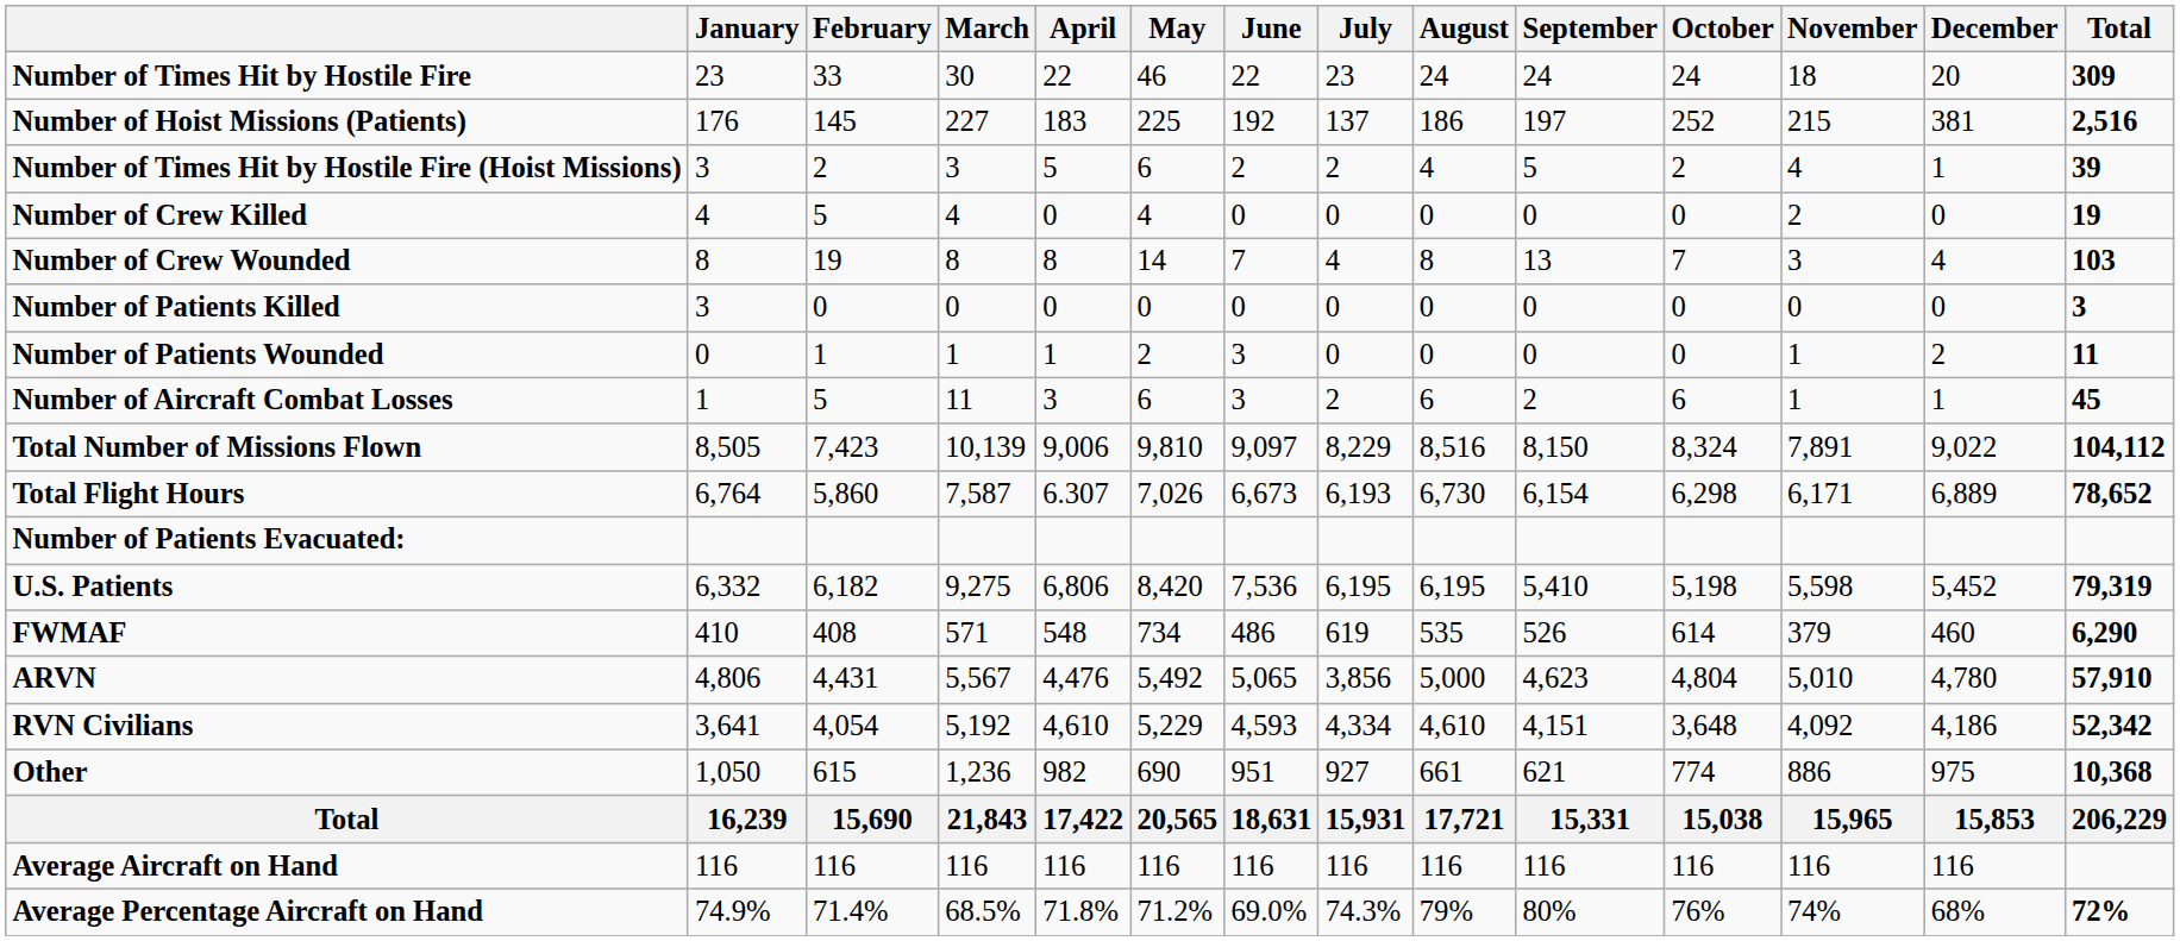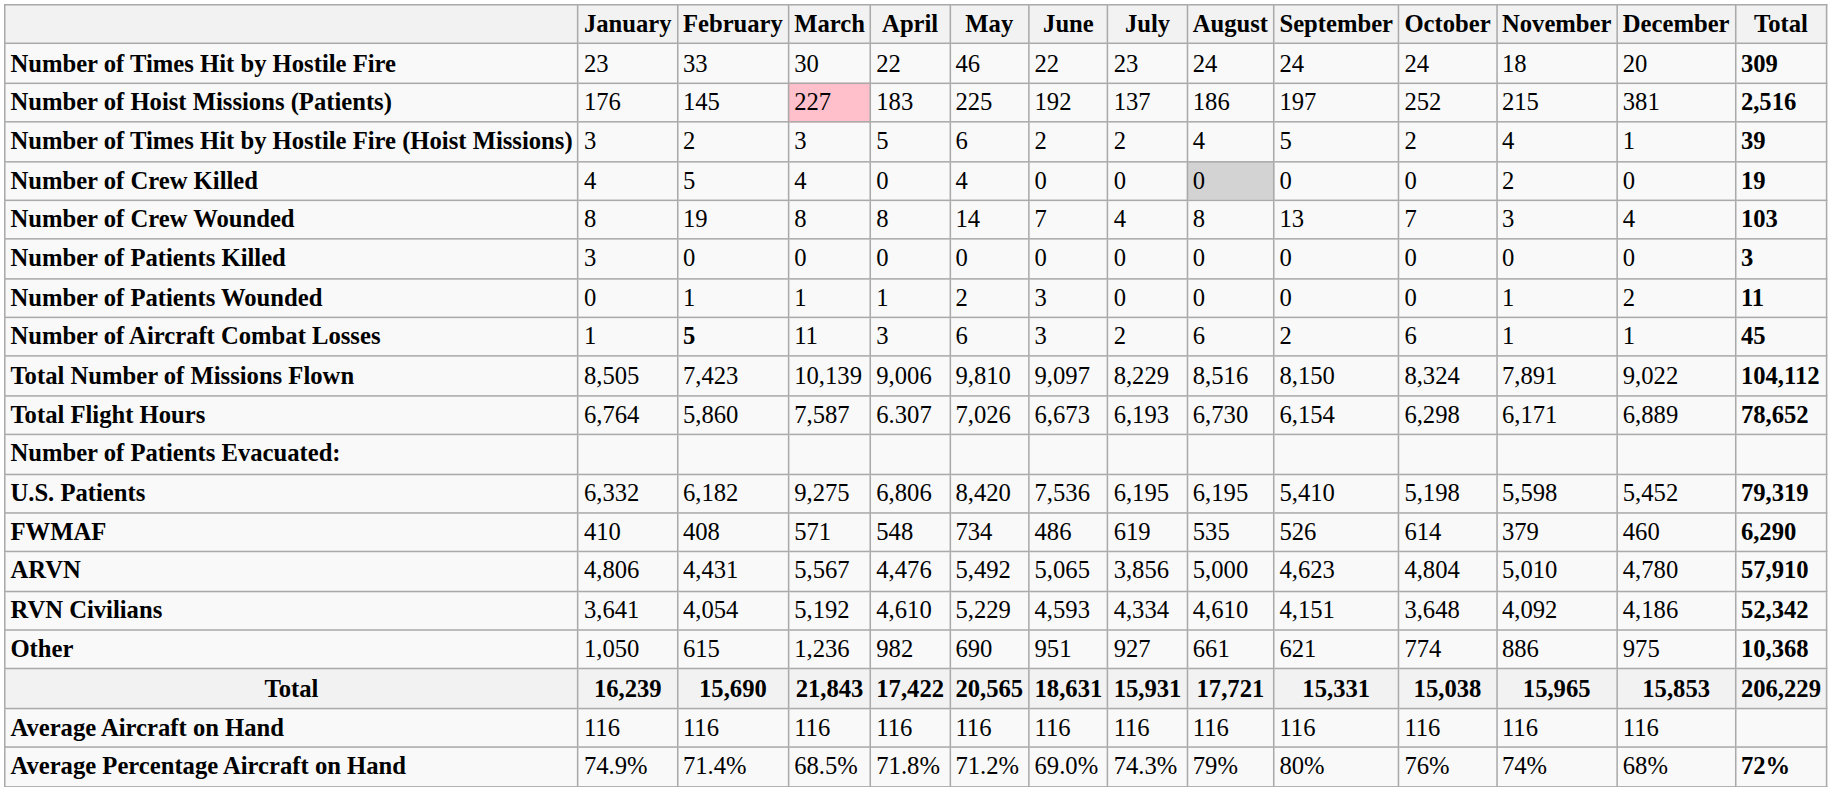 <table class="wikitable">
 <tr>
 <th></th>
 <th>January</th>
 <th>February</th>
 <th>March</th>
 <th>April</th>
 <th>May</th>
 <th>June</th>
 <th>July</th>
 <th>August</th>
 <th>September</th>
 <th>October</th>
 <th>November</th>
 <th>December</th>
 <th>Total</th>
 </tr>
 <tr>
 <td><strong>Number of Times Hit by Hostile Fire</strong></td>
 <td>23</td>
 <td>33</td>
 <td>30</td>
 <td>22</td>
 <td>46</td>
 <td>22</td>
 <td>23</td>
 <td>24</td>
 <td>24</td>
 <td>24</td>
 <td>18</td>
 <td>20</td>
 <td><strong>309</strong></td>
 </tr>
 <tr>
 <td><strong>Number of Hoist Missions (Patients)</strong></td>
 <td>176</td>
 <td>145</td>
-<td>227</td>
+<td style="background: pink;">227</td>
 <td>183</td>
 <td>225</td>
 <td>192</td>
 <td>137</td>
 <td>186</td>
 <td>197</td>
 <td>252</td>
 <td>215</td>
 <td>381</td>
 <td><strong>2,516</strong></td>
 </tr>
 <tr>
 <td><strong>Number of Times Hit by Hostile Fire (Hoist Missions)</strong></td>
 <td>3</td>
 <td>2</td>
 <td>3</td>
 <td>5</td>
 <td>6</td>
 <td>2</td>
 <td>2</td>
 <td>4</td>
 <td>5</td>
 <td>2</td>
 <td>4</td>
 <td>1</td>
 <td><strong>39</strong></td>
 </tr>
 <tr>
 <td><strong>Number of Crew Killed</strong></td>
 <td>4</td>
 <td>5</td>
 <td>4</td>
 <td>0</td>
 <td>4</td>
 <td>0</td>
 <td>0</td>
-<td>0</td>
+<td style="background: lightgrey;">0</td>
 <td>0</td>
 <td>0</td>
 <td>2</td>
 <td>0</td>
 <td><strong>19</strong></td>
 </tr>
 <tr>
 <td><strong>Number of Crew Wounded</strong></td>
 <td>8</td>
 <td>19</td>
 <td>8</td>
 <td>8</td>
 <td>14</td>
 <td>7</td>
 <td>4</td>
 <td>8</td>
 <td>13</td>
 <td>7</td>
 <td>3</td>
 <td>4</td>
 <td><strong>103</strong></td>
 </tr>
 <tr>
 <td><strong>Number of Patients Killed</strong></td>
 <td>3</td>
 <td>0</td>
 <td>0</td>
 <td>0</td>
 <td>0</td>
 <td>0</td>
 <td>0</td>
 <td>0</td>
 <td>0</td>
 <td>0</td>
 <td>0</td>
 <td>0</td>
 <td><strong>3</strong></td>
 </tr>
 <tr>
 <td><strong>Number of Patients Wounded</strong></td>
 <td>0</td>
 <td>1</td>
 <td>1</td>
 <td>1</td>
 <td>2</td>
 <td>3</td>
 <td>0</td>
 <td>0</td>
 <td>0</td>
 <td>0</td>
 <td>1</td>
 <td>2</td>
 <td><strong>11</strong></td>
 </tr>
 <tr>
 <td><strong>Number of Aircraft Combat Losses</strong></td>
 <td>1</td>
-<td>5</td>
+<td><strong>5</strong></td>
 <td>11</td>
 <td>3</td>
 <td>6</td>
 <td>3</td>
 <td>2</td>
 <td>6</td>
 <td>2</td>
 <td>6</td>
 <td>1</td>
 <td>1</td>
 <td><strong>45</strong></td>
 </tr>
 <tr>
 <td><strong>Total Number of Missions Flown</strong></td>
 <td>8,505</td>
 <td>7,423</td>
 <td>10,139</td>
 <td>9,006</td>
 <td>9,810</td>
 <td>9,097</td>
 <td>8,229</td>
 <td>8,516</td>
 <td>8,150</td>
 <td>8,324</td>
 <td>7,891</td>
 <td>9,022</td>
 <td><strong>104,112</strong></td>
 </tr>
 <tr>
 <td><strong>Total Flight Hours</strong></td>
 <td>6,764</td>
 <td>5,860</td>
 <td>7,587</td>
 <td>6.307</td>
 <td>7,026</td>
 <td>6,673</td>
 <td>6,193</td>
 <td>6,730</td>
 <td>6,154</td>
 <td>6,298</td>
 <td>6,171</td>
 <td>6,889</td>
 <td><strong>78,652</strong></td>
 </tr>
 <tr>
 <td><strong>Number of Patients Evacuated:</strong></td>
 <td></td>
 <td></td>
 <td></td>
 <td></td>
 <td></td>
 <td></td>
 <td></td>
 <td></td>
 <td></td>
 <td></td>
 <td></td>
 <td></td>
 <td></td>
 </tr>
 <tr>
 <td><strong>U.S. Patients</strong></td>
 <td>6,332</td>
 <td>6,182</td>
 <td>9,275</td>
 <td>6,806</td>
 <td>8,420</td>
 <td>7,536</td>
 <td>6,195</td>
 <td>6,195</td>
 <td>5,410</td>
 <td>5,198</td>
 <td>5,598</td>
 <td>5,452</td>
 <td><strong>79,319</strong></td>
 </tr>
 <tr>
 <td><strong>FWMAF</strong></td>
 <td>410</td>
 <td>408</td>
 <td>571</td>
 <td>548</td>
 <td>734</td>
 <td>486</td>
 <td>619</td>
 <td>535</td>
 <td>526</td>
 <td>614</td>
 <td>379</td>
 <td>460</td>
 <td><strong>6,290</strong></td>
 </tr>
 <tr>
 <td><strong>ARVN</strong></td>
 <td>4,806</td>
 <td>4,431</td>
 <td>5,567</td>
 <td>4,476</td>
 <td>5,492</td>
 <td>5,065</td>
 <td>3,856</td>
 <td>5,000</td>
 <td>4,623</td>
 <td>4,804</td>
 <td>5,010</td>
 <td>4,780</td>
 <td><strong>57,910</strong></td>
 </tr>
 <tr>
 <td><strong>RVN Civilians</strong></td>
 <td>3,641</td>
 <td>4,054</td>
 <td>5,192</td>
 <td>4,610</td>
 <td>5,229</td>
 <td>4,593</td>
 <td>4,334</td>
 <td>4,610</td>
 <td>4,151</td>
 <td>3,648</td>
 <td>4,092</td>
 <td>4,186</td>
 <td><strong>52,342</strong></td>
 </tr>
 <tr>
 <td><strong>Other</strong></td>
 <td>1,050</td>
 <td>615</td>
 <td>1,236</td>
 <td>982</td>
 <td>690</td>
 <td>951</td>
 <td>927</td>
 <td>661</td>
 <td>621</td>
 <td>774</td>
 <td>886</td>
 <td>975</td>
 <td><strong>10,368</strong></td>
 </tr>
 <tr>
 <th>Total</th>
 <th>16,239</th>
 <th>15,690</th>
 <th>21,843</th>
 <th>17,422</th>
 <th>20,565</th>
 <th>18,631</th>
 <th>15,931</th>
 <th>17,721</th>
 <th>15,331</th>
 <th>15,038</th>
 <th>15,965</th>
 <th>15,853</th>
 <th>206,229</th>
 </tr>
 <tr>
 <td><strong>Average Aircraft on Hand</strong></td>
 <td>116</td>
 <td>116</td>
 <td>116</td>
 <td>116</td>
 <td>116</td>
 <td>116</td>
 <td>116</td>
 <td>116</td>
 <td>116</td>
 <td>116</td>
 <td>116</td>
 <td>116</td>
 <td></td>
 </tr>
 <tr>
 <td><strong>Average Percentage Aircraft on Hand</strong></td>
 <td>74.9%</td>
 <td>71.4%</td>
 <td>68.5%</td>
 <td>71.8%</td>
 <td>71.2%</td>
 <td>69.0%</td>
 <td>74.3%</td>
 <td>79%</td>
 <td>80%</td>
 <td>76%</td>
 <td>74%</td>
 <td>68%</td>
 <td><strong>72%</strong></td>
 </tr>
 <tr>
 </tr>
 </table>
